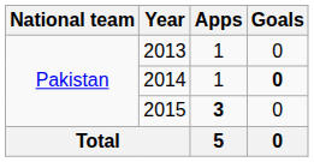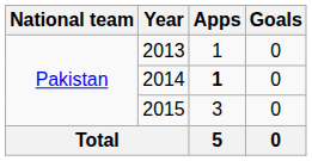 <table class="wikitable" style="text-align:center">
 <tr>
 <th>National team</th>
 <th>Year</th>
 <th>Apps</th>
 <th>Goals</th>
 </tr>
 <tr>
 <td rowspan="3"><a href='#'>Pakistan</a></td>
 <td>2013</td>
 <td>1</td>
 <td>0</td>
 </tr>
 <tr>
 <td>2014</td>
-<td>1</td>
-<td><strong>0</strong></td>
+<td><strong>1</strong></td>
+<td>0</td>
 </tr>
 <tr>
 <td>2015</td>
-<td><strong>3</strong></td>
+<td>3</td>
 <td>0</td>
 </tr>
 <tr>
 <th colspan="2">Total</th>
 <th>5</th>
 <th>0</th>
 </tr>
 </table>
